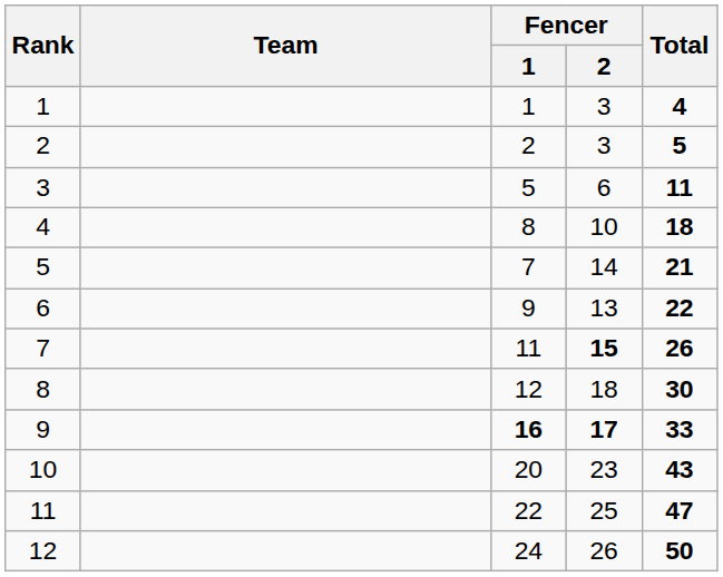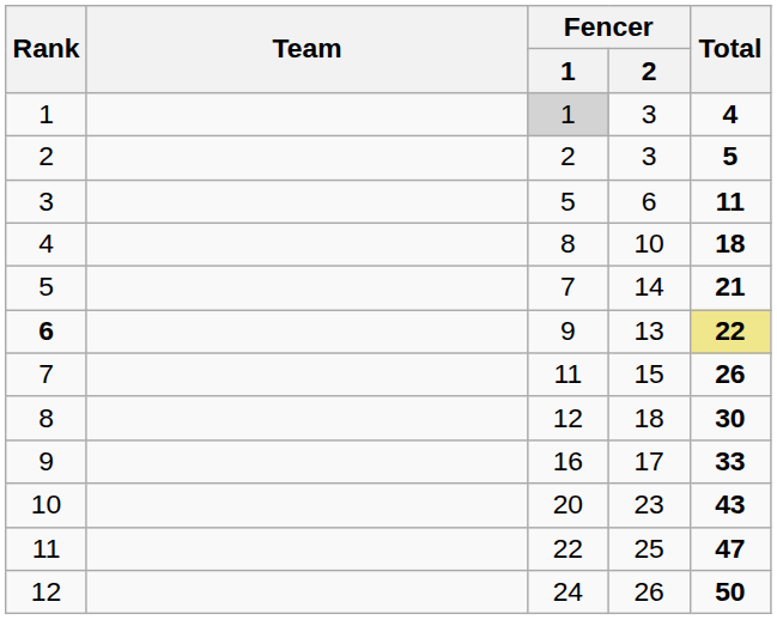 <table class=wikitable style="text-align:center">
 <tr>
 <th rowspan=2 width=40>Rank</th>
 <th rowspan=2 width=250>Team</th>
 <th colspan=2>Fencer</th>
 <th rowspan=2 width=40>Total</th>
 </tr>
 <tr>
 <th width=40>1</th>
 <th width=40>2</th>
 </tr>
 <tr>
 <td>1</td>
 <td align=left></td>
-<td>1</td>
+<td style="background: lightgrey;">1</td>
 <td>3</td>
 <td><strong>4</strong></td>
 </tr>
 <tr>
 <td>2</td>
 <td align=left></td>
 <td>2</td>
 <td>3</td>
 <td><strong>5</strong></td>
 </tr>
 <tr>
 <td>3</td>
 <td align=left></td>
 <td>5</td>
 <td>6</td>
 <td><strong>11</strong></td>
 </tr>
 <tr>
 <td>4</td>
 <td align=left></td>
 <td>8</td>
 <td>10</td>
 <td><strong>18</strong></td>
 </tr>
 <tr>
 <td>5</td>
 <td align=left></td>
 <td>7</td>
 <td>14</td>
 <td><strong>21</strong></td>
 </tr>
 <tr>
-<td>6</td>
+<td><strong>6</strong></td>
 <td align=left></td>
 <td>9</td>
 <td>13</td>
-<td><strong>22</strong></td>
+<td style="background: khaki;"><strong>22</strong></td>
 </tr>
 <tr>
 <td>7</td>
 <td align=left></td>
 <td>11</td>
-<td><strong>15</strong></td>
+<td>15</td>
 <td><strong>26</strong></td>
 </tr>
 <tr>
 <td>8</td>
 <td align=left></td>
 <td>12</td>
 <td>18</td>
 <td><strong>30</strong></td>
 </tr>
 <tr>
 <td>9</td>
 <td align=left></td>
-<td><strong>16</strong></td>
-<td><strong>17</strong></td>
+<td>16</td>
+<td>17</td>
 <td><strong>33</strong></td>
 </tr>
 <tr>
 <td>10</td>
 <td align=left></td>
 <td>20</td>
 <td>23</td>
 <td><strong>43</strong></td>
 </tr>
 <tr>
 <td>11</td>
 <td align=left></td>
 <td>22</td>
 <td>25</td>
 <td><strong>47</strong></td>
 </tr>
 <tr>
 <td>12</td>
 <td align=left></td>
 <td>24</td>
 <td>26</td>
 <td><strong>50</strong></td>
 </tr>
 </table>
